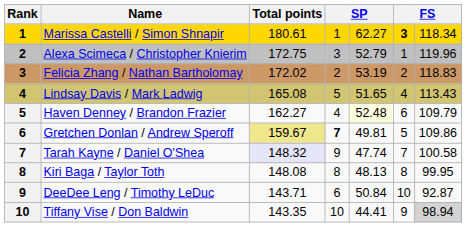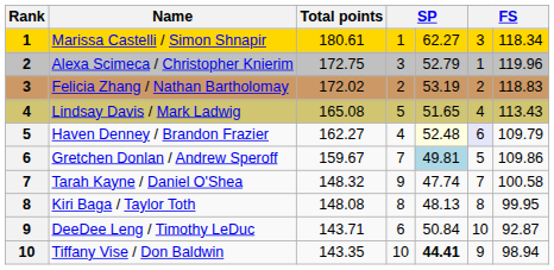 <table class="wikitable sortable">
 <tr>
 <th>Rank</th>
 <th>Name</th>
 <th>Total points</th>
 <th colspan="2" width="80px"><a href='#'>SP</a></th>
 <th colspan="2" width="80px"><a href='#'>FS</a></th>
 </tr>
 <tr bgcolor="gold">
 <td align="center"><strong>1</strong></td>
 <td><a href='#'>Marissa Castelli</a> / <a href='#'>Simon Shnapir</a></td>
 <td align="center">180.61</td>
 <td align="center">1</td>
 <td align="center">62.27</td>
-<td align="center"><strong>3</strong></td>
+<td align="center">3</td>
 <td align="center">118.34</td>
 </tr>
 <tr bgcolor="silver">
 <td align="center"><strong>2</strong></td>
 <td><a href='#'>Alexa Scimeca</a> / <a href='#'>Christopher Knierim</a></td>
 <td align="center">172.75</td>
 <td align="center">3</td>
 <td align="center">52.79</td>
 <td align="center">1</td>
 <td align="center">119.96</td>
 </tr>
 <tr bgcolor="cc9966">
 <td align="center"><strong>3</strong></td>
 <td><a href='#'>Felicia Zhang</a> / <a href='#'>Nathan Bartholomay</a></td>
 <td align="center">172.02</td>
 <td align="center">2</td>
 <td align="center">53.19</td>
 <td align="center">2</td>
 <td align="center">118.83</td>
 </tr>
 <tr bgcolor="#d1c571">
 <td align="center"><strong>4</strong></td>
 <td><a href='#'>Lindsay Davis</a> / <a href='#'>Mark Ladwig</a></td>
 <td align="center">165.08</td>
 <td align="center">5</td>
 <td align="center">51.65</td>
 <td align="center">4</td>
 <td align="center">113.43</td>
 </tr>
 <tr>
 <th>5</th>
 <td><a href='#'>Haven Denney</a> / <a href='#'>Brandon Frazier</a></td>
 <td align="center">162.27</td>
 <td align="center">4</td>
 <td align="center" style="background: lightyellow;">52.48</td>
-<td align="center">6</td>
+<td align="center" style="background: lavender;">6</td>
 <td align="center">109.79</td>
 </tr>
 <tr>
 <th>6</th>
 <td><a href='#'>Gretchen Donlan</a> / <a href='#'>Andrew Speroff</a></td>
-<td align="center" style="background: khaki;">159.67</td>
-<td align="center"><strong>7</strong></td>
-<td align="center">49.81</td>
+<td align="center">159.67</td>
+<td align="center">7</td>
+<td align="center" style="background: lightblue;">49.81</td>
 <td align="center">5</td>
 <td align="center">109.86</td>
 </tr>
 <tr>
 <th>7</th>
 <td><a href='#'>Tarah Kayne</a> / <a href='#'>Daniel O'Shea</a></td>
-<td align="center" style="background: lavender;">148.32</td>
+<td align="center">148.32</td>
 <td align="center">9</td>
 <td align="center">47.74</td>
 <td align="center">7</td>
 <td align="center">100.58</td>
 </tr>
 <tr>
 <th>8</th>
 <td><a href='#'>Kiri Baga</a> / <a href='#'>Taylor Toth</a></td>
 <td align="center">148.08</td>
 <td align="center">8</td>
 <td align="center">48.13</td>
 <td align="center">8</td>
 <td align="center">99.95</td>
 </tr>
 <tr>
 <th>9</th>
 <td><a href='#'>DeeDee Leng</a> / <a href='#'>Timothy LeDuc</a></td>
 <td align="center">143.71</td>
 <td align="center">6</td>
 <td align="center">50.84</td>
 <td align="center">10</td>
 <td align="center">92.87</td>
 </tr>
 <tr>
 <th>10</th>
 <td><a href='#'>Tiffany Vise</a> / <a href='#'>Don Baldwin</a></td>
 <td align="center">143.35</td>
 <td align="center">10</td>
-<td align="center">44.41</td>
+<td align="center"><strong>44.41</strong></td>
 <td align="center">9</td>
-<td align="center" style="background: lightgrey;">98.94</td>
+<td align="center">98.94</td>
 </tr>
 </table>
